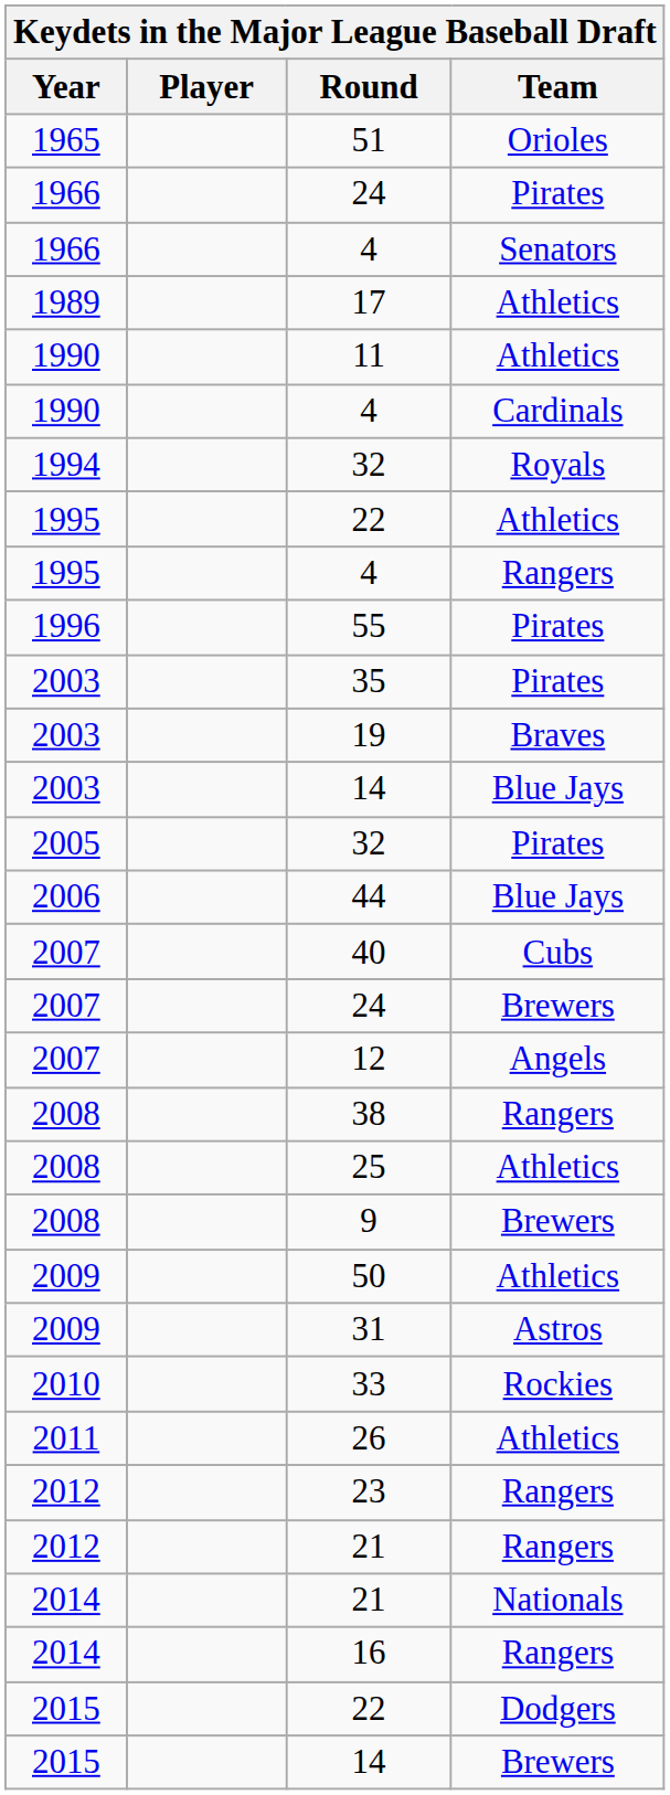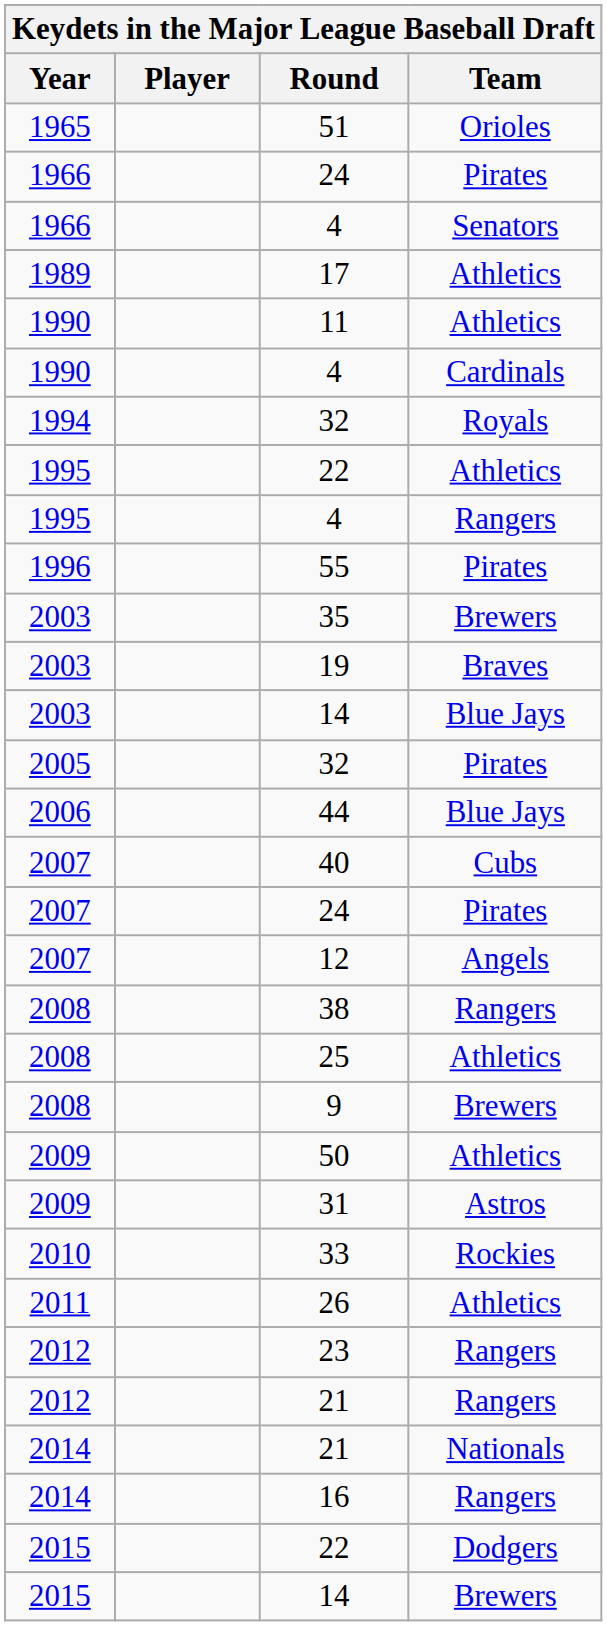 <table class="wikitable sortable collapsible collapsed" style="text-align:center">
 <tr>
 <th colspan=4>Keydets in the Major League Baseball Draft</th>
 </tr>
 <tr>
 <th>Year</th>
 <th>Player</th>
 <th>Round</th>
 <th>Team</th>
 </tr>
 <tr>
 <td><a href='#'>1965</a></td>
 <td></td>
 <td>51</td>
 <td><a href='#'>Orioles</a></td>
 </tr>
 <tr>
 <td><a href='#'>1966</a></td>
 <td></td>
 <td>24</td>
 <td><a href='#'>Pirates</a></td>
 </tr>
 <tr>
 <td><a href='#'>1966</a></td>
 <td></td>
 <td>4</td>
 <td><a href='#'>Senators</a></td>
 </tr>
 <tr>
 <td><a href='#'>1989</a></td>
 <td></td>
 <td>17</td>
 <td><a href='#'>Athletics</a></td>
 </tr>
 <tr>
 <td><a href='#'>1990</a></td>
 <td></td>
 <td>11</td>
 <td><a href='#'>Athletics</a></td>
 </tr>
 <tr>
 <td><a href='#'>1990</a></td>
 <td></td>
 <td>4</td>
 <td><a href='#'>Cardinals</a></td>
 </tr>
 <tr>
 <td><a href='#'>1994</a></td>
 <td></td>
 <td>32</td>
 <td><a href='#'>Royals</a></td>
 </tr>
 <tr>
 <td><a href='#'>1995</a></td>
 <td></td>
 <td>22</td>
 <td><a href='#'>Athletics</a></td>
 </tr>
 <tr>
 <td><a href='#'>1995</a></td>
 <td></td>
 <td>4</td>
 <td><a href='#'>Rangers</a></td>
 </tr>
 <tr>
 <td><a href='#'>1996</a></td>
 <td></td>
 <td>55</td>
 <td><a href='#'>Pirates</a></td>
 </tr>
 <tr>
 <td><a href='#'>2003</a></td>
 <td></td>
 <td>35</td>
-<td><a href='#'>Pirates</a></td>
+<td><a href='#'>Brewers</a></td>
 </tr>
 <tr>
 <td><a href='#'>2003</a></td>
 <td></td>
 <td>19</td>
 <td><a href='#'>Braves</a></td>
 </tr>
 <tr>
 <td><a href='#'>2003</a></td>
 <td></td>
 <td>14</td>
 <td><a href='#'>Blue Jays</a></td>
 </tr>
 <tr>
 <td><a href='#'>2005</a></td>
 <td></td>
 <td>32</td>
 <td><a href='#'>Pirates</a></td>
 </tr>
 <tr>
 <td><a href='#'>2006</a></td>
 <td></td>
 <td>44</td>
 <td><a href='#'>Blue Jays</a></td>
 </tr>
 <tr>
 <td><a href='#'>2007</a></td>
 <td></td>
 <td>40</td>
 <td><a href='#'>Cubs</a></td>
 </tr>
 <tr>
 <td><a href='#'>2007</a></td>
 <td></td>
 <td>24</td>
-<td><a href='#'>Brewers</a></td>
+<td><a href='#'>Pirates</a></td>
 </tr>
 <tr>
 <td><a href='#'>2007</a></td>
 <td></td>
 <td>12</td>
 <td><a href='#'>Angels</a></td>
 </tr>
 <tr>
 <td><a href='#'>2008</a></td>
 <td></td>
 <td>38</td>
 <td><a href='#'>Rangers</a></td>
 </tr>
 <tr>
 <td><a href='#'>2008</a></td>
 <td></td>
 <td>25</td>
 <td><a href='#'>Athletics</a></td>
 </tr>
 <tr>
 <td><a href='#'>2008</a></td>
 <td></td>
 <td>9</td>
 <td><a href='#'>Brewers</a></td>
 </tr>
 <tr>
 <td><a href='#'>2009</a></td>
 <td></td>
 <td>50</td>
 <td><a href='#'>Athletics</a></td>
 </tr>
 <tr>
 <td><a href='#'>2009</a></td>
 <td></td>
 <td>31</td>
 <td><a href='#'>Astros</a></td>
 </tr>
 <tr>
 <td><a href='#'>2010</a></td>
 <td></td>
 <td>33</td>
 <td><a href='#'>Rockies</a></td>
 </tr>
 <tr>
 <td><a href='#'>2011</a></td>
 <td></td>
 <td>26</td>
 <td><a href='#'>Athletics</a></td>
 </tr>
 <tr>
 <td><a href='#'>2012</a></td>
 <td></td>
 <td>23</td>
 <td><a href='#'>Rangers</a></td>
 </tr>
 <tr>
 <td><a href='#'>2012</a></td>
 <td></td>
 <td>21</td>
 <td><a href='#'>Rangers</a></td>
 </tr>
 <tr>
 <td><a href='#'>2014</a></td>
 <td></td>
 <td>21</td>
 <td><a href='#'>Nationals</a></td>
 </tr>
 <tr>
 <td><a href='#'>2014</a></td>
 <td></td>
 <td>16</td>
 <td><a href='#'>Rangers</a></td>
 </tr>
 <tr>
 <td><a href='#'>2015</a></td>
 <td></td>
 <td>22</td>
 <td><a href='#'>Dodgers</a></td>
 </tr>
 <tr>
 <td><a href='#'>2015</a></td>
 <td></td>
 <td>14</td>
 <td><a href='#'>Brewers</a></td>
 </tr>
 </table>
